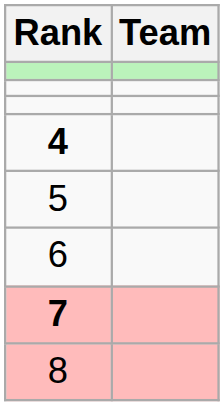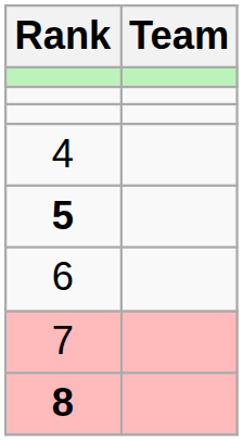 <table class=wikitable style="text-align: center;">
 <tr>
 <th>Rank</th>
 <th>Team</th>
 </tr>
 <tr style="background: #BBF3BB;">
 <td></td>
 <td style="text-align: left;"></td>
 </tr>
 <tr>
 <td></td>
 <td style="text-align: left;"></td>
 </tr>
 <tr>
 <td></td>
 <td style="text-align: left;"></td>
 </tr>
 <tr>
-<td><strong>4</strong></td>
+<td>4</td>
 <td style="text-align: left;"></td>
 </tr>
 <tr>
-<td>5</td>
+<td><strong>5</strong></td>
 <td style="text-align: left;"></td>
 </tr>
 <tr>
 <td>6</td>
 <td style="text-align: left;"></td>
 </tr>
 <tr style="background: #FFBBBB;">
-<td><strong>7</strong></td>
+<td>7</td>
 <td style="text-align: left;"></td>
 </tr>
 <tr style="background: #FFBBBB;">
-<td>8</td>
+<td><strong>8</strong></td>
 <td style="text-align: left;"></td>
 </tr>
 </table>
